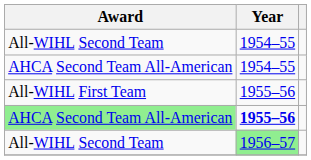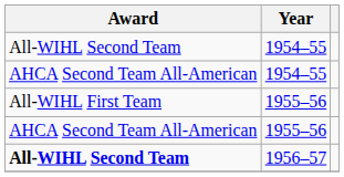 <table class="wikitable">
 <tr>
 <th>Award</th>
 <th>Year</th>
 <th></th>
 </tr>
 <tr>
 <td>All-<a href='#'>WIHL</a> <a href='#'>Second Team</a></td>
 <td><a href='#'>1954–55</a></td>
 <td></td>
 </tr>
 <tr>
 <td><a href='#'>AHCA</a> <a href='#'>Second Team All-American</a></td>
 <td><a href='#'>1954–55</a></td>
 <td></td>
 </tr>
 <tr>
 <td>All-<a href='#'>WIHL</a> <a href='#'>First Team</a></td>
 <td><a href='#'>1955–56</a></td>
 <td></td>
 </tr>
 <tr>
-<td style="background: lightgreen;"><a href='#'>AHCA</a> <a href='#'>Second Team All-American</a></td>
-<td><strong><a href='#'>1955–56</a></strong></td>
+<td><a href='#'>AHCA</a> <a href='#'>Second Team All-American</a></td>
+<td><a href='#'>1955–56</a></td>
 <td></td>
 </tr>
 <tr>
-<td>All-<a href='#'>WIHL</a> <a href='#'>Second Team</a></td>
-<td style="background: lightgreen;"><a href='#'>1956–57</a></td>
+<td><strong>All-<a href='#'>WIHL</a> <a href='#'>Second Team</a></strong></td>
+<td><a href='#'>1956–57</a></td>
 <td></td>
 </tr>
 <tr>
 </tr>
 </table>
